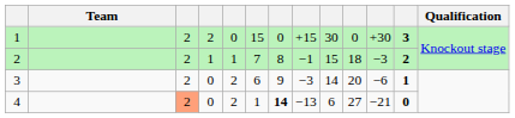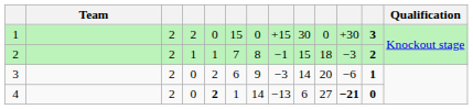 <table class="wikitable" style="text-align:center;">
 <tr>
 <th width="20"></th>
 <th width="165">Team</th>
 <th width="20"></th>
 <th width="20"></th>
 <th width="20"></th>
 <th width="20"></th>
 <th width="20"></th>
 <th width="20"></th>
 <th width="20"></th>
 <th width="20"></th>
 <th width="20"></th>
 <th width="20"></th>
 <th width="100">Qualification</th>
 </tr>
 <tr bgcolor="bbf3bb">
 <td>1</td>
 <td align="left"></td>
 <td>2</td>
 <td>2</td>
 <td>0</td>
 <td>15</td>
 <td>0</td>
 <td>+15</td>
 <td>30</td>
 <td>0</td>
 <td>+30</td>
 <td><strong>3</strong></td>
 <td rowspan="2"><a href='#'>Knockout stage</a></td>
 </tr>
 <tr bgcolor="bbf3bb">
 <td>2</td>
 <td align="left"></td>
 <td>2</td>
 <td>1</td>
 <td>1</td>
 <td>7</td>
 <td>8</td>
 <td>−1</td>
 <td>15</td>
 <td>18</td>
 <td>−3</td>
 <td><strong>2</strong></td>
 </tr>
 <tr>
 <td>3</td>
 <td align="left"></td>
 <td>2</td>
 <td>0</td>
 <td>2</td>
 <td>6</td>
 <td>9</td>
 <td>−3</td>
 <td>14</td>
 <td>20</td>
 <td>−6</td>
 <td><strong>1</strong></td>
 <td rowspan="2"></td>
 </tr>
 <tr>
 <td>4</td>
 <td align="left"></td>
-<td style="background: lightsalmon;">2</td>
+<td>2</td>
 <td>0</td>
-<td>2</td>
+<td><strong>2</strong></td>
 <td>1</td>
-<td><strong>14</strong></td>
+<td>14</td>
 <td>−13</td>
 <td>6</td>
 <td>27</td>
-<td>−21</td>
+<td><strong>−21</strong></td>
 <td><strong>0</strong></td>
 </tr>
 </table>
